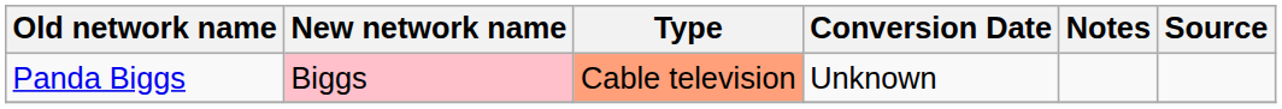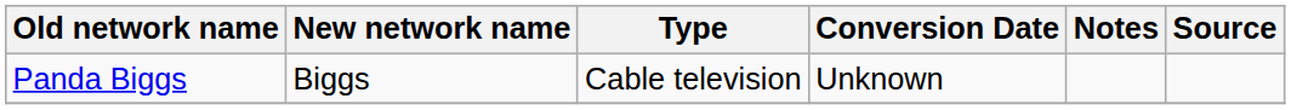 <table class="wikitable">
 <tr>
 <th>Old network name</th>
 <th>New network name</th>
 <th>Type</th>
 <th>Conversion Date</th>
 <th>Notes</th>
 <th>Source</th>
 </tr>
 <tr>
 <td><a href='#'>Panda Biggs</a></td>
-<td style="background: pink;">Biggs</td>
-<td style="background: lightsalmon;">Cable television</td>
+<td>Biggs</td>
+<td>Cable television</td>
 <td>Unknown</td>
 <td></td>
 <td></td>
 </tr>
 <tr>
 </tr>
 </table>
